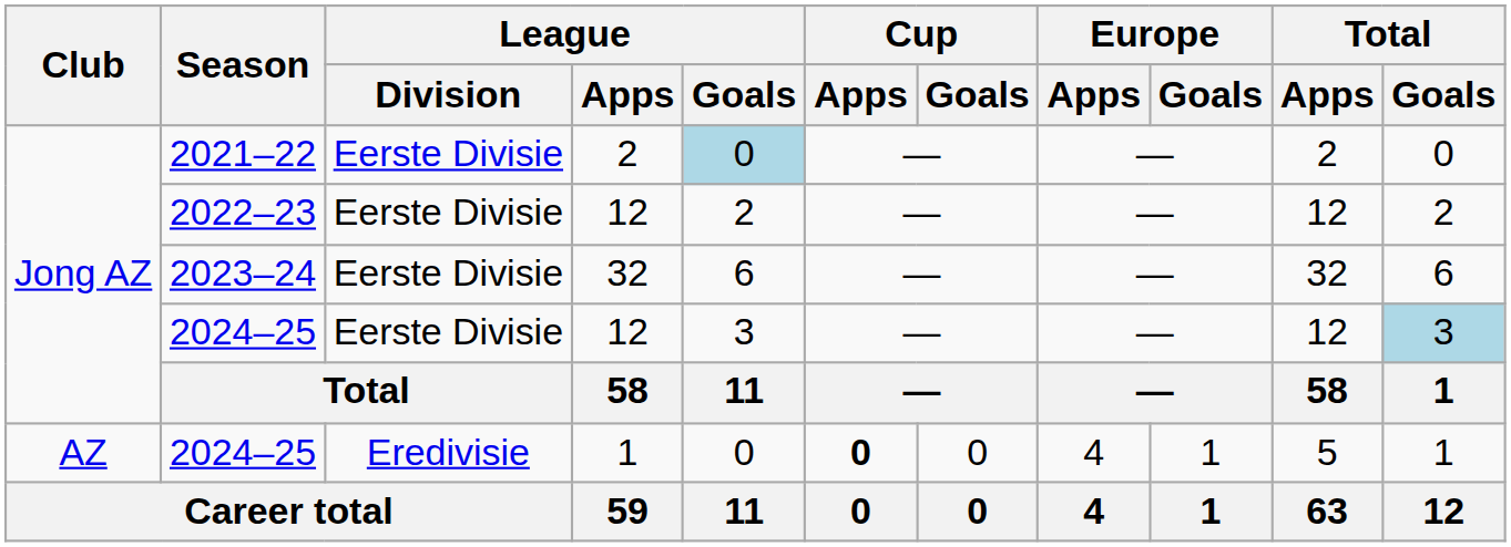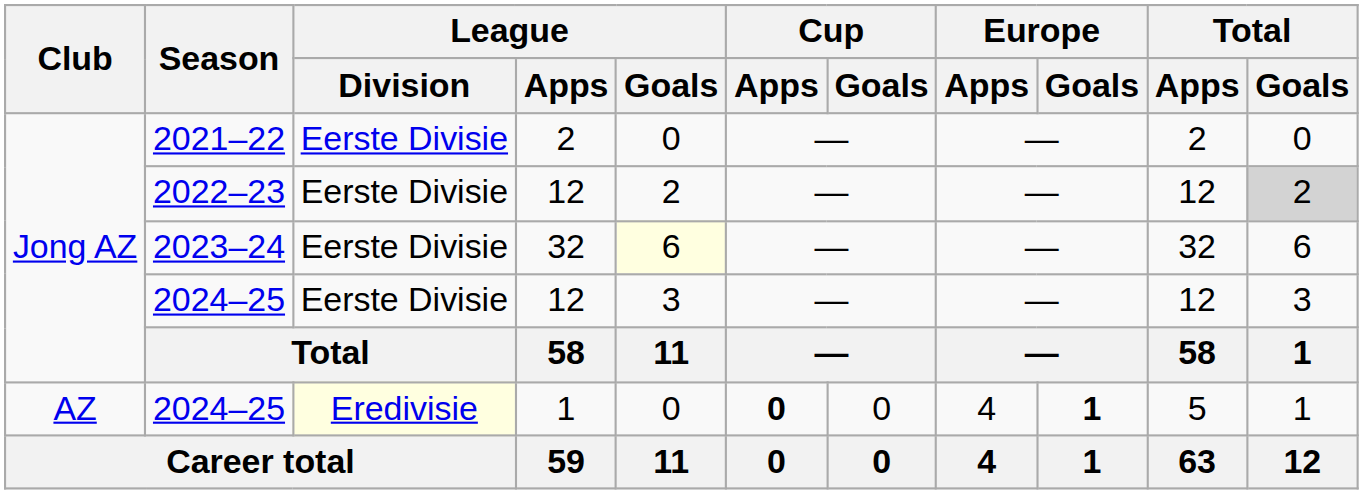 <table class="wikitable" style="text-align: center">
 <tr>
 <th rowspan="2">Club</th>
 <th rowspan="2">Season</th>
 <th colspan="3">League</th>
 <th colspan="2">Cup</th>
 <th colspan="2">Europe</th>
 <th colspan="2">Total</th>
 </tr>
 <tr>
 <th>Division</th>
 <th>Apps</th>
 <th>Goals</th>
 <th>Apps</th>
 <th>Goals</th>
 <th>Apps</th>
 <th>Goals</th>
 <th>Apps</th>
 <th>Goals</th>
 </tr>
 <tr>
 <td rowspan="5"><a href='#'>Jong AZ</a></td>
 <td><a href='#'>2021–22</a></td>
 <td><a href='#'>Eerste Divisie</a></td>
 <td>2</td>
-<td style="background: lightblue;">0</td>
+<td>0</td>
 <td colspan="2">—</td>
 <td colspan="2">—</td>
 <td>2</td>
 <td>0</td>
 </tr>
 <tr>
 <td><a href='#'>2022–23</a></td>
 <td>Eerste Divisie</td>
 <td>12</td>
 <td>2</td>
 <td colspan="2">—</td>
 <td colspan="2">—</td>
 <td>12</td>
-<td>2</td>
+<td style="background: lightgrey;">2</td>
 </tr>
 <tr>
 <td><a href='#'>2023–24</a></td>
 <td>Eerste Divisie</td>
 <td>32</td>
-<td>6</td>
+<td style="background: lightyellow;">6</td>
 <td colspan="2">—</td>
 <td colspan="2">—</td>
 <td>32</td>
 <td>6</td>
 </tr>
 <tr>
 <td><a href='#'>2024–25</a></td>
 <td>Eerste Divisie</td>
 <td>12</td>
 <td>3</td>
 <td colspan="2">—</td>
 <td colspan="2">—</td>
 <td>12</td>
-<td style="background: lightblue;">3</td>
+<td>3</td>
 </tr>
 <tr>
 <th colspan="2">Total</th>
 <th>58</th>
 <th>11</th>
 <th colspan="2">—</th>
 <th colspan="2">—</th>
 <th>58</th>
 <th>1</th>
 </tr>
 <tr>
 <td><a href='#'>AZ</a></td>
 <td><a href='#'>2024–25</a></td>
-<td><a href='#'>Eredivisie</a></td>
+<td style="background: lightyellow;"><a href='#'>Eredivisie</a></td>
 <td>1</td>
 <td>0</td>
 <td><strong>0</strong></td>
 <td>0</td>
 <td>4</td>
-<td>1</td>
+<td><strong>1</strong></td>
 <td>5</td>
 <td>1</td>
 </tr>
 <tr>
 <th colspan="3">Career total</th>
 <th>59</th>
 <th>11</th>
 <th>0</th>
 <th>0</th>
 <th>4</th>
 <th>1</th>
 <th>63</th>
 <th>12</th>
 </tr>
 </table>
